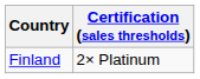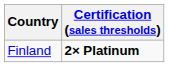 <table class="wikitable sortable">
 <tr>
 <th>Country</th>
 <th><a href='#'>Certification</a><br>(<small><a href='#'>sales thresholds</a></small>)</th>
 </tr>
 <tr>
 <td><a href='#'>Finland</a></td>
-<td>2× Platinum</td>
+<td><strong>2× Platinum</strong></td>
 </tr>
 </table>
